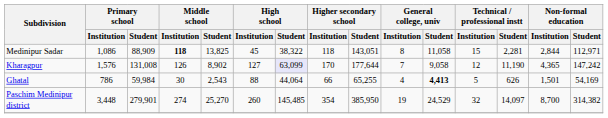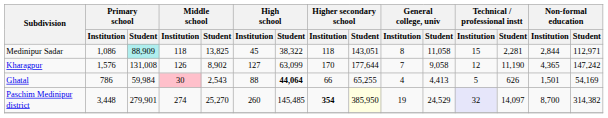 <table class="wikitable" style="text-align:center;font-size: 9pt">
 <tr>
 <th width="110" rowspan="2">Subdivision</th>
 <th colspan="2">Primary<br>school</th>
 <th colspan="2">Middle<br>school</th>
 <th colspan="2">High<br>school</th>
 <th colspan="2">Higher secondary<br>school</th>
 <th colspan="2">General<br>college, univ</th>
 <th colspan="2">Technical /<br>professional instt</th>
 <th colspan="2">Non-formal<br>education</th>
 </tr>
 <tr>
 <th width="30">Institution</th>
 <th width="30">Student</th>
 <th width="30">Institution</th>
 <th width="30">Student</th>
 <th width="30">Institution</th>
 <th width="30">Student</th>
 <th width="30">Institution</th>
 <th width="30">Student</th>
 <th width="30">Institution</th>
 <th width="30">Student</th>
 <th width="30">Institution</th>
 <th width="30">Student</th>
 <th width="30">Institution</th>
 <th width="30">Student<br></th>
 </tr>
 <tr>
 <td align=left>Medinipur Sadar</td>
 <td align="center">1,086</td>
-<td align="center">88,909</td>
-<td align="center"><strong>118</strong></td>
+<td align="center" style="background: paleturquoise;">88,909</td>
+<td align="center">118</td>
 <td align="center">13,825</td>
 <td align="center">45</td>
 <td align="center">38,322</td>
 <td align="center">118</td>
 <td align="center">143,051</td>
 <td align="center">8</td>
 <td align="center">11,058</td>
 <td align="center">15</td>
 <td align="center">2,281</td>
 <td align="center">2,844</td>
 <td align="center">112,971</td>
 </tr>
 <tr>
 <td align=left><a href='#'>Kharagpur</a></td>
 <td align="center">1,576</td>
 <td align="center">131,008</td>
 <td align="center">126</td>
 <td align="center">8,902</td>
 <td align="center">127</td>
-<td align="center" style="background: lavender;">63,099</td>
+<td align="center">63,099</td>
 <td align="center">170</td>
 <td align="center">177,644</td>
 <td align="center">7</td>
 <td align="center">9,058</td>
 <td align="center">12</td>
 <td align="center">11,190</td>
 <td align="center">4,365</td>
 <td align="center">147,242</td>
 </tr>
 <tr>
 <td align=left><a href='#'>Ghatal</a></td>
 <td align="center">786</td>
 <td align="center">59,984</td>
-<td align="center">30</td>
+<td align="center" style="background: pink;">30</td>
 <td align="center">2,543</td>
 <td align="center">88</td>
-<td align="center">44,064</td>
+<td align="center"><strong>44,064</strong></td>
 <td align="center">66</td>
 <td align="center">65,255</td>
 <td align="center">4</td>
-<td align="center"><strong>4,413</strong></td>
+<td align="center">4,413</td>
 <td align="center">5</td>
 <td align="center">626</td>
 <td align="center">1,501</td>
 <td align="center">54,169</td>
 </tr>
 <tr>
 <td align=left><a href='#'>Paschim Medinipur district</a></td>
 <td align="center">3,448</td>
 <td align="center">279,901</td>
 <td align="center">274</td>
 <td align="center">25,270</td>
 <td align="center">260</td>
 <td align="center">145,485</td>
-<td align="center">354</td>
-<td align="center">385,950</td>
+<td align="center"><strong>354</strong></td>
+<td align="center" style="background: lightyellow;">385,950</td>
 <td align="center">19</td>
 <td align="center">24,529</td>
-<td align="center">32</td>
+<td align="center" style="background: lavender;">32</td>
 <td align="center">14,097</td>
 <td align="center">8,700</td>
 <td align="center">314,382</td>
 </tr>
 <tr>
 </tr>
 </table>
